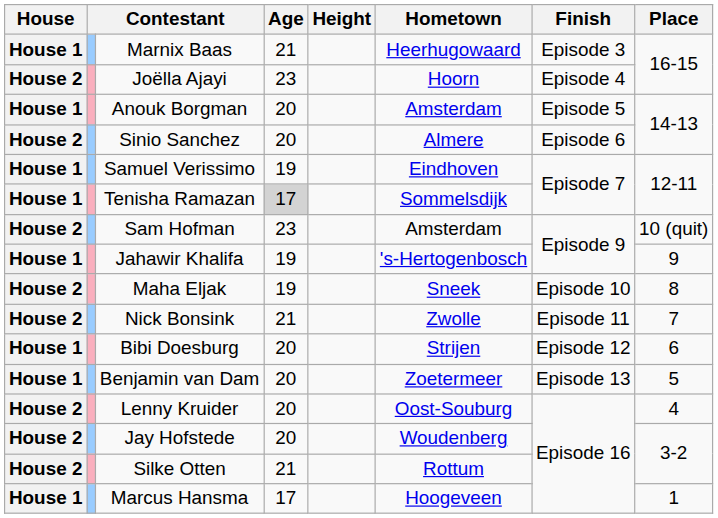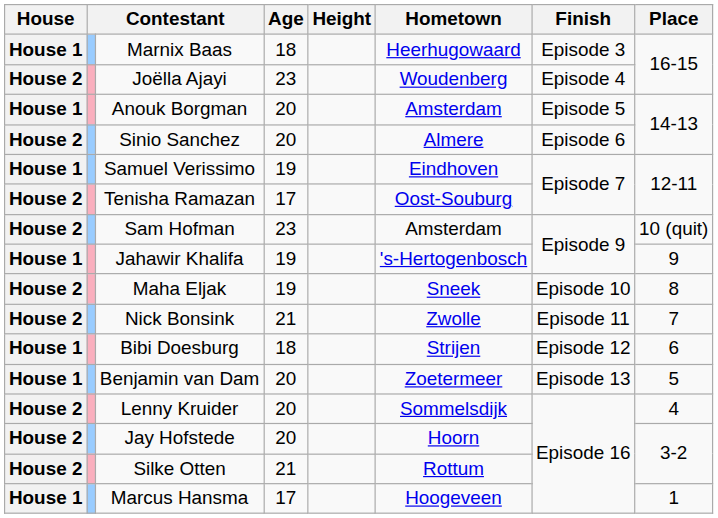 <table class="wikitable sortable" style="text-align:center;">
 <tr>
 <th>House</th>
 <th colspan="2">Contestant</th>
 <th>Age</th>
 <th>Height</th>
 <th>Hometown</th>
 <th>Finish</th>
 <th>Place</th>
 </tr>
 <tr>
 <th>House 1</th>
 <th style="background:#9cf;"></th>
 <td>Marnix Baas</td>
-<td>21</td>
+<td>18</td>
 <td></td>
 <td><a href='#'>Heerhugowaard</a></td>
 <td>Episode 3</td>
 <td rowspan="2">16-15</td>
 </tr>
 <tr>
 <th><span>House 2</span></th>
 <th style="background:#faafbe"></th>
 <td>Joëlla Ajayi</td>
 <td>23</td>
 <td></td>
-<td><a href='#'>Hoorn</a></td>
+<td><a href='#'>Woudenberg</a></td>
 <td>Episode 4</td>
 </tr>
 <tr>
 <th>House 1</th>
 <th style="background:#faafbe"></th>
 <td>Anouk Borgman</td>
 <td>20</td>
 <td></td>
 <td><a href='#'>Amsterdam</a></td>
 <td>Episode 5</td>
 <td rowspan="2">14-13</td>
 </tr>
 <tr>
 <th><span>House 2</span></th>
 <th style="background:#9cf;"></th>
 <td>Sinio Sanchez</td>
 <td>20</td>
 <td></td>
 <td><a href='#'>Almere</a></td>
 <td>Episode 6</td>
 </tr>
 <tr>
 <th>House 1</th>
 <th style="background:#9cf;"></th>
 <td>Samuel Verissimo</td>
 <td>19</td>
 <td></td>
 <td><a href='#'>Eindhoven</a></td>
 <td rowspan="2">Episode 7</td>
 <td rowspan="2">12-11</td>
 </tr>
 <tr>
-<th>House 1</th>
+<th><span>House 2</span></th>
 <th style="background:#faafbe"></th>
 <td>Tenisha Ramazan</td>
-<td style="background: lightgrey;">17</td>
+<td>17</td>
 <td></td>
-<td><a href='#'>Sommelsdijk</a></td>
+<td><a href='#'>Oost-Souburg</a></td>
 </tr>
 <tr>
 <th><span>House 2</span></th>
 <th style="background:#9cf;"></th>
 <td>Sam Hofman</td>
 <td>23</td>
 <td></td>
 <td>Amsterdam</td>
 <td rowspan="2">Episode 9</td>
 <td>10 (quit)</td>
 </tr>
 <tr>
 <th>House 1</th>
 <th style="background:#faafbe"></th>
 <td>Jahawir Khalifa</td>
 <td>19</td>
 <td></td>
 <td><a href='#'>'s-Hertogenbosch</a></td>
 <td>9</td>
 </tr>
 <tr>
 <th><span>House 2</span></th>
 <th style="background:#faafbe"></th>
 <td>Maha Eljak</td>
 <td>19</td>
 <td></td>
 <td><a href='#'>Sneek</a></td>
 <td>Episode 10</td>
 <td>8</td>
 </tr>
 <tr>
 <th><span>House 2</span></th>
 <th style="background:#9cf;"></th>
 <td>Nick Bonsink</td>
 <td>21</td>
 <td></td>
 <td><a href='#'>Zwolle</a></td>
 <td>Episode 11</td>
 <td>7</td>
 </tr>
 <tr>
 <th>House 1</th>
 <th style="background:#faafbe"></th>
 <td>Bibi Doesburg</td>
-<td>20</td>
+<td>18</td>
 <td></td>
 <td><a href='#'>Strijen</a></td>
 <td>Episode 12</td>
 <td>6</td>
 </tr>
 <tr>
 <th>House 1</th>
 <th style="background:#9cf;"></th>
 <td>Benjamin van Dam</td>
 <td>20</td>
 <td></td>
 <td><a href='#'>Zoetermeer</a></td>
 <td>Episode 13</td>
 <td>5</td>
 </tr>
 <tr>
 <th><span>House 2</span></th>
 <th style="background:#faafbe"></th>
 <td>Lenny Kruider</td>
 <td>20</td>
 <td></td>
-<td><a href='#'>Oost-Souburg</a></td>
+<td><a href='#'>Sommelsdijk</a></td>
 <td rowspan="4">Episode 16</td>
 <td>4</td>
 </tr>
 <tr>
 <th><span>House 2</span></th>
 <th style="background:#9cf;"></th>
 <td>Jay Hofstede</td>
 <td>20</td>
 <td></td>
-<td><a href='#'>Woudenberg</a></td>
+<td><a href='#'>Hoorn</a></td>
 <td rowspan="2">3-2</td>
 </tr>
 <tr>
 <th><span>House 2</span></th>
 <th style="background:#faafbe"></th>
 <td>Silke Otten</td>
 <td>21</td>
 <td></td>
 <td><a href='#'>Rottum</a></td>
 </tr>
 <tr>
 <th>House 1</th>
 <th style="background:#9cf;"></th>
 <td>Marcus Hansma</td>
 <td>17</td>
 <td></td>
 <td><a href='#'>Hoogeveen</a></td>
 <td>1</td>
 </tr>
 </table>
